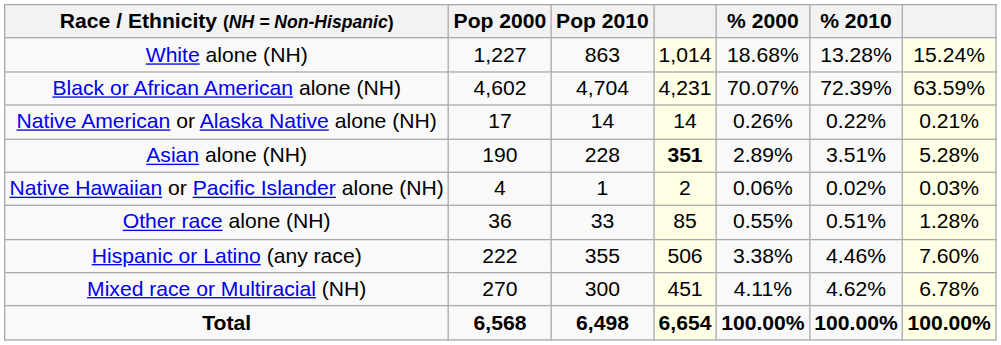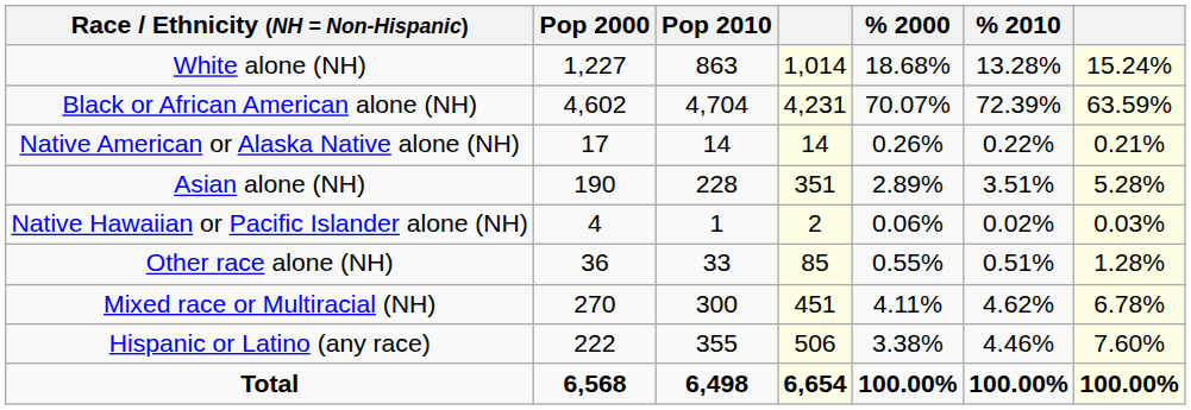 <table class="wikitable" style="text-align:center;">
 <tr>
 <th>Race / Ethnicity <small>(<em>NH = Non-Hispanic</em>)</small></th>
 <th>Pop 2000</th>
 <th>Pop 2010</th>
 <th></th>
 <th>% 2000</th>
 <th>% 2010</th>
 <th></th>
 </tr>
 <tr>
 <td><a href='#'>White</a> alone (NH)</td>
 <td>1,227</td>
 <td>863</td>
 <td style='background: #ffffe6;'>1,014</td>
 <td>18.68%</td>
 <td>13.28%</td>
 <td style='background: #ffffe6;'>15.24%</td>
 </tr>
 <tr>
 <td><a href='#'>Black or African American</a> alone (NH)</td>
 <td>4,602</td>
 <td>4,704</td>
 <td style='background: #ffffe6;'>4,231</td>
 <td>70.07%</td>
 <td>72.39%</td>
 <td style='background: #ffffe6;'>63.59%</td>
 </tr>
 <tr>
 <td><a href='#'>Native American</a> or <a href='#'>Alaska Native</a> alone (NH)</td>
 <td>17</td>
 <td>14</td>
 <td style='background: #ffffe6;'>14</td>
 <td>0.26%</td>
 <td>0.22%</td>
 <td style='background: #ffffe6;'>0.21%</td>
 </tr>
 <tr>
 <td><a href='#'>Asian</a> alone (NH)</td>
 <td>190</td>
 <td>228</td>
-<td style='background: #ffffe6;'><strong>351</strong></td>
+<td style='background: #ffffe6;'>351</td>
 <td>2.89%</td>
 <td>3.51%</td>
 <td style='background: #ffffe6;'>5.28%</td>
 </tr>
 <tr>
 <td><a href='#'>Native Hawaiian</a> or <a href='#'>Pacific Islander</a> alone (NH)</td>
 <td>4</td>
 <td>1</td>
 <td style='background: #ffffe6;'>2</td>
 <td>0.06%</td>
 <td>0.02%</td>
 <td style='background: #ffffe6;'>0.03%</td>
 </tr>
 <tr>
 <td><a href='#'>Other race</a> alone (NH)</td>
 <td>36</td>
 <td>33</td>
 <td style='background: #ffffe6;'>85</td>
 <td>0.55%</td>
 <td>0.51%</td>
 <td style='background: #ffffe6;'>1.28%</td>
 </tr>
 <tr>
+<td><a href='#'>Mixed race or Multiracial</a> (NH)</td>
+<td>270</td>
+<td>300</td>
+<td style='background: #ffffe6;'>451</td>
+<td>4.11%</td>
+<td>4.62%</td>
+<td style='background: #ffffe6;'>6.78%</td>
+</tr>
+<tr>
 <td><a href='#'>Hispanic or Latino</a> (any race)</td>
 <td>222</td>
 <td>355</td>
 <td style='background: #ffffe6;'>506</td>
 <td>3.38%</td>
 <td>4.46%</td>
 <td style='background: #ffffe6;'>7.60%</td>
-</tr>
-<tr>
-<td><a href='#'>Mixed race or Multiracial</a> (NH)</td>
-<td>270</td>
-<td>300</td>
-<td style='background: #ffffe6;'>451</td>
-<td>4.11%</td>
-<td>4.62%</td>
-<td style='background: #ffffe6;'>6.78%</td>
 </tr>
 <tr>
 <td><strong>Total</strong></td>
 <td><strong>6,568</strong></td>
 <td><strong>6,498</strong></td>
 <td style='background: #ffffe6;'><strong>6,654</strong></td>
 <td><strong>100.00%</strong></td>
 <td><strong>100.00%</strong></td>
 <td style='background: #ffffe6;'><strong>100.00%</strong></td>
 </tr>
 </table>
